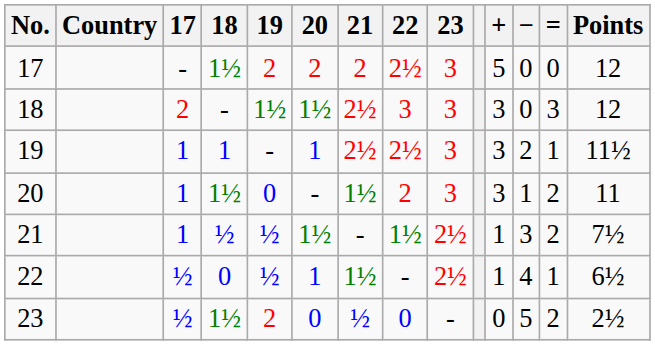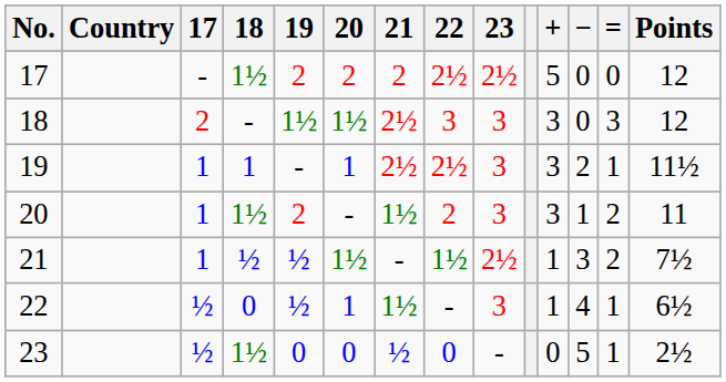 <table class="wikitable" style="text-align:center">
 <tr>
 <th>No.</th>
 <th>Country</th>
 <th>17</th>
 <th>18</th>
 <th>19</th>
 <th>20</th>
 <th>21</th>
 <th>22</th>
 <th>23</th>
 <th></th>
 <th>+</th>
 <th>−</th>
 <th>=</th>
 <th>Points</th>
 </tr>
 <tr>
 <td>17</td>
 <td style="text-align: left"></td>
 <td>-</td>
 <td style="color:green;">1½</td>
 <td style="color:red;">2</td>
 <td style="color:red;">2</td>
 <td style="color:red;">2</td>
 <td style="color:red;">2½</td>
-<td style="color:red;">3</td>
+<td style="color:red;">2½</td>
 <th></th>
 <td>5</td>
 <td>0</td>
 <td>0</td>
 <td>12</td>
 </tr>
 <tr>
 <td>18</td>
 <td style="text-align: left"></td>
 <td style="color:red;">2</td>
 <td>-</td>
 <td style="color:green;">1½</td>
 <td style="color:green;">1½</td>
 <td style="color:red;">2½</td>
 <td style="color:red;">3</td>
 <td style="color:red;">3</td>
 <th></th>
 <td>3</td>
 <td>0</td>
 <td>3</td>
 <td>12</td>
 </tr>
 <tr>
 <td>19</td>
 <td style="text-align: left"></td>
 <td style="color:blue;">1</td>
 <td style="color:blue;">1</td>
 <td>-</td>
 <td style="color:blue;">1</td>
 <td style="color:red;">2½</td>
 <td style="color:red;">2½</td>
 <td style="color:red;">3</td>
 <th></th>
 <td>3</td>
 <td>2</td>
 <td>1</td>
 <td>11½</td>
 </tr>
 <tr>
 <td>20</td>
 <td style="text-align: left"></td>
 <td style="color:blue;">1</td>
 <td style="color:green;">1½</td>
-<td style="color:blue;">0</td>
+<td style="color:red;">2</td>
 <td>-</td>
 <td style="color:green;">1½</td>
 <td style="color:red;">2</td>
 <td style="color:red;">3</td>
 <th></th>
 <td>3</td>
 <td>1</td>
 <td>2</td>
 <td>11</td>
 </tr>
 <tr>
 <td>21</td>
 <td style="text-align: left"></td>
 <td style="color:blue;">1</td>
 <td style="color:blue;">½</td>
 <td style="color:blue;">½</td>
 <td style="color:green;">1½</td>
 <td>-</td>
 <td style="color:green;">1½</td>
 <td style="color:red;">2½</td>
 <th></th>
 <td>1</td>
 <td>3</td>
 <td>2</td>
 <td>7½</td>
 </tr>
 <tr>
 <td>22</td>
 <td style="text-align: left"></td>
 <td style="color:blue;">½</td>
 <td style="color:blue;">0</td>
 <td style="color:blue;">½</td>
 <td style="color:blue;">1</td>
 <td style="color:green;">1½</td>
 <td>-</td>
-<td style="color:red;">2½</td>
+<td style="color:red;">3</td>
 <th></th>
 <td>1</td>
 <td>4</td>
 <td>1</td>
 <td>6½</td>
 </tr>
 <tr>
 <td>23</td>
 <td style="text-align: left"></td>
 <td style="color:blue;">½</td>
 <td style="color:green;">1½</td>
-<td style="color:red;">2</td>
+<td style="color:blue;">0</td>
 <td style="color:blue;">0</td>
 <td style="color:blue;">½</td>
 <td style="color:blue;">0</td>
 <td>-</td>
 <th></th>
 <td>0</td>
 <td>5</td>
-<td>2</td>
+<td>1</td>
 <td>2½</td>
 </tr>
 </table>
